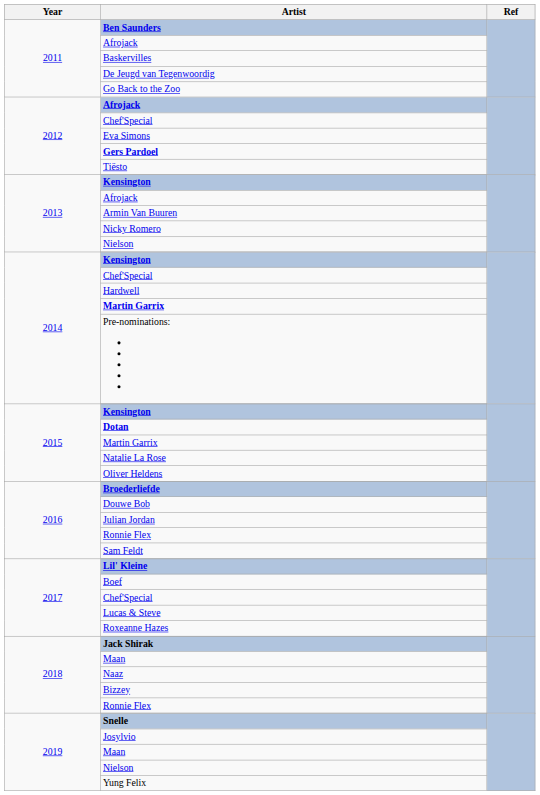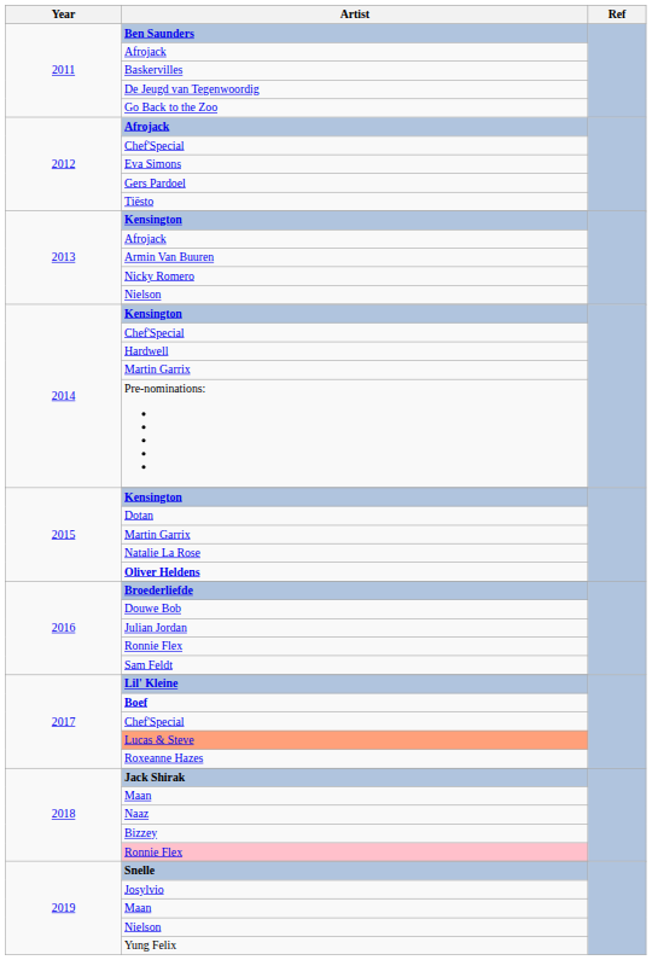 <table class="wikitable" style="width:55%;">
 <tr style="background:#bebebe;">
 <th style="width:10%;">Year</th>
 <th style="width:40%;">Artist</th>
 <th style="width:5%;">Ref</th>
 </tr>
 <tr>
 <td rowspan="5" align="center"><a href='#'>2011</a></td>
 <td style="background:#B0C4DE"><strong><a href='#'>Ben Saunders</a></strong></td>
 <td style="background:#B0C4DE" rowspan="5" align="center"></td>
 </tr>
 <tr>
 <td><a href='#'>Afrojack</a></td>
 </tr>
 <tr>
 <td><a href='#'>Baskervilles</a></td>
 </tr>
 <tr>
 <td><a href='#'>De Jeugd van Tegenwoordig</a></td>
 </tr>
 <tr>
 <td><a href='#'>Go Back to the Zoo</a></td>
 </tr>
 <tr>
 <td rowspan="5" align="center"><a href='#'>2012</a></td>
 <td style="background:#B0C4DE"><strong><a href='#'>Afrojack</a></strong></td>
 <td style="background:#B0C4DE" rowspan="6" align="center"></td>
 </tr>
 <tr>
 <td><a href='#'>Chef'Special</a></td>
 </tr>
 <tr>
 <td><a href='#'>Eva Simons</a></td>
 </tr>
 <tr>
-<td><strong><a href='#'>Gers Pardoel</a></strong></td>
+<td><a href='#'>Gers Pardoel</a></td>
 </tr>
 <tr>
 <td><a href='#'>Tiësto</a></td>
 </tr>
 <tr>
 <td rowspan="6" align="center"><a href='#'>2013</a></td>
 </tr>
 <tr style="background:#B0C4DE">
 <td><strong><a href='#'>Kensington</a></strong></td>
 <td rowspan="6" align="center"></td>
 </tr>
 <tr>
 <td><a href='#'>Afrojack</a></td>
 </tr>
 <tr>
 <td><a href='#'>Armin Van Buuren</a></td>
 </tr>
 <tr>
 <td><a href='#'>Nicky Romero</a></td>
 </tr>
 <tr>
 <td><a href='#'>Nielson</a></td>
 </tr>
 <tr>
 <td rowspan="6" align="center"><a href='#'>2014</a></td>
 </tr>
 <tr style="background:#B0C4DE">
 <td><strong><a href='#'>Kensington</a></strong></td>
 <td rowspan="6" align="center"></td>
 </tr>
 <tr>
 <td><a href='#'>Chef'Special</a></td>
 </tr>
 <tr>
 <td><a href='#'>Hardwell</a></td>
 </tr>
 <tr>
-<td><strong><a href='#'>Martin Garrix</a></strong></td>
+<td><a href='#'>Martin Garrix</a></td>
 </tr>
 <tr>
 <td>Pre-nominations:<br><ul><li></li><li></li><li></li><li></li><li></li></ul></td>
 </tr>
 <tr>
 <td rowspan="6" align="center"><a href='#'>2015</a></td>
 </tr>
 <tr style="background:#B0C4DE">
 <td><strong><a href='#'>Kensington</a></strong></td>
 <td rowspan="6" align="center"></td>
 </tr>
 <tr>
-<td><strong><a href='#'>Dotan</a></strong></td>
+<td><a href='#'>Dotan</a></td>
 </tr>
 <tr>
 <td><a href='#'>Martin Garrix</a></td>
 </tr>
 <tr>
 <td><a href='#'>Natalie La Rose</a></td>
 </tr>
 <tr>
-<td><a href='#'>Oliver Heldens</a></td>
+<td><strong><a href='#'>Oliver Heldens</a></strong></td>
 </tr>
 <tr>
 <td rowspan="6" align="center"><a href='#'>2016</a></td>
 </tr>
 <tr style="background:#B0C4DE">
 <td><strong><a href='#'>Broederliefde</a></strong></td>
 <td rowspan="6" align="center"></td>
 </tr>
 <tr>
 <td><a href='#'>Douwe Bob</a></td>
 </tr>
 <tr>
 <td><a href='#'>Julian Jordan</a></td>
 </tr>
 <tr>
 <td><a href='#'>Ronnie Flex</a></td>
 </tr>
 <tr>
 <td><a href='#'>Sam Feldt</a></td>
 </tr>
 <tr>
 <td rowspan="6" align="center"><a href='#'>2017</a></td>
 </tr>
 <tr style="background:#B0C4DE">
 <td><strong><a href='#'>Lil' Kleine</a></strong></td>
 <td rowspan="6" align="center"></td>
 </tr>
 <tr>
-<td><a href='#'>Boef</a></td>
+<td><strong><a href='#'>Boef</a></strong></td>
 </tr>
 <tr>
 <td><a href='#'>Chef'Special</a></td>
 </tr>
 <tr>
-<td><a href='#'>Lucas & Steve</a></td>
+<td style="background: lightsalmon;"><a href='#'>Lucas & Steve</a></td>
 </tr>
 <tr>
 <td><a href='#'>Roxeanne Hazes</a></td>
 </tr>
 <tr>
 <td rowspan="6" align="center"><a href='#'>2018</a></td>
 </tr>
 <tr style="background:#B0C4DE">
 <td><strong>Jack Shirak</strong></td>
 <td rowspan="6" align="center"></td>
 </tr>
 <tr>
 <td><a href='#'>Maan</a></td>
 </tr>
 <tr>
 <td><a href='#'>Naaz</a></td>
 </tr>
 <tr>
 <td><a href='#'>Bizzey</a></td>
 </tr>
 <tr>
-<td><a href='#'>Ronnie Flex</a></td>
+<td style="background: pink;"><a href='#'>Ronnie Flex</a></td>
 </tr>
 <tr>
 <td rowspan="6" align="center"><a href='#'>2019</a></td>
 </tr>
 <tr style="background:#B0C4DE">
 <td><strong>Snelle</strong></td>
 <td rowspan="6" align="center"></td>
 </tr>
 <tr>
 <td><a href='#'>Josylvio</a></td>
 </tr>
 <tr>
 <td><a href='#'>Maan</a></td>
 </tr>
 <tr>
 <td><a href='#'>Nielson</a></td>
 </tr>
 <tr>
 <td>Yung Felix</td>
 </tr>
 </table>
